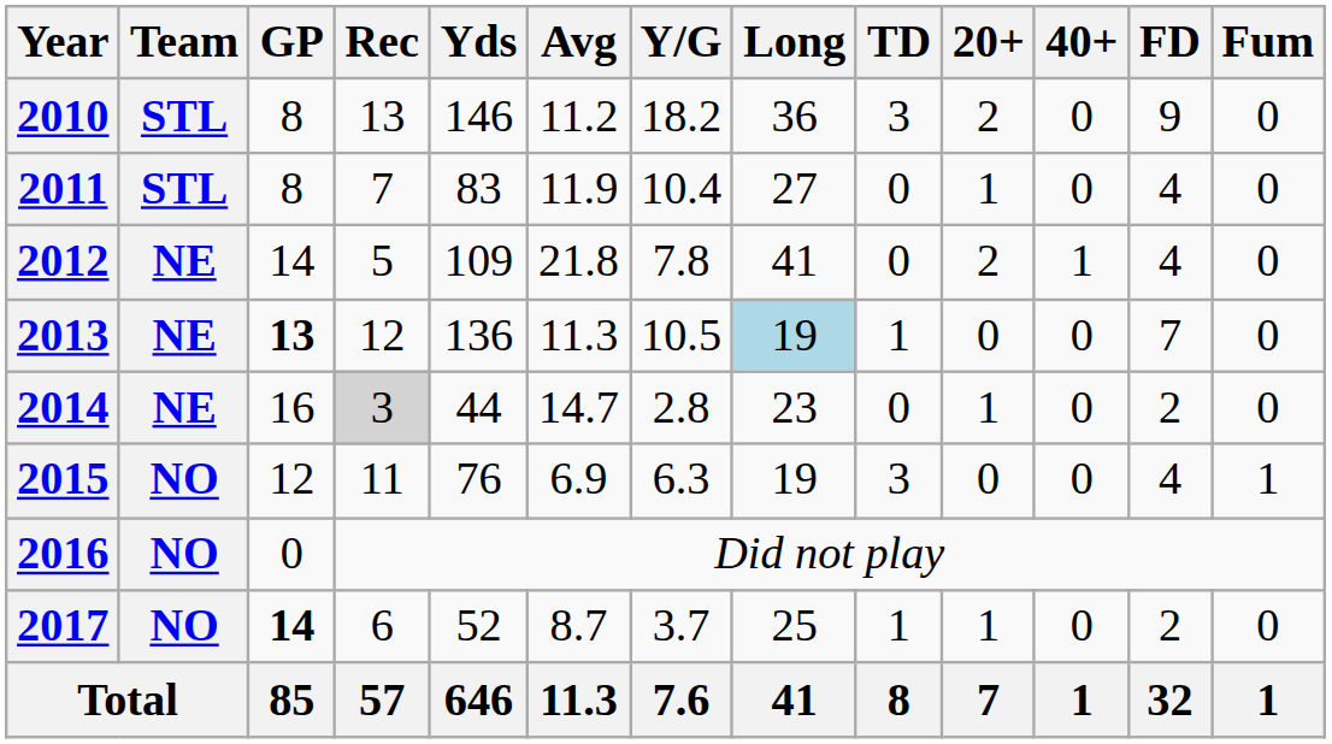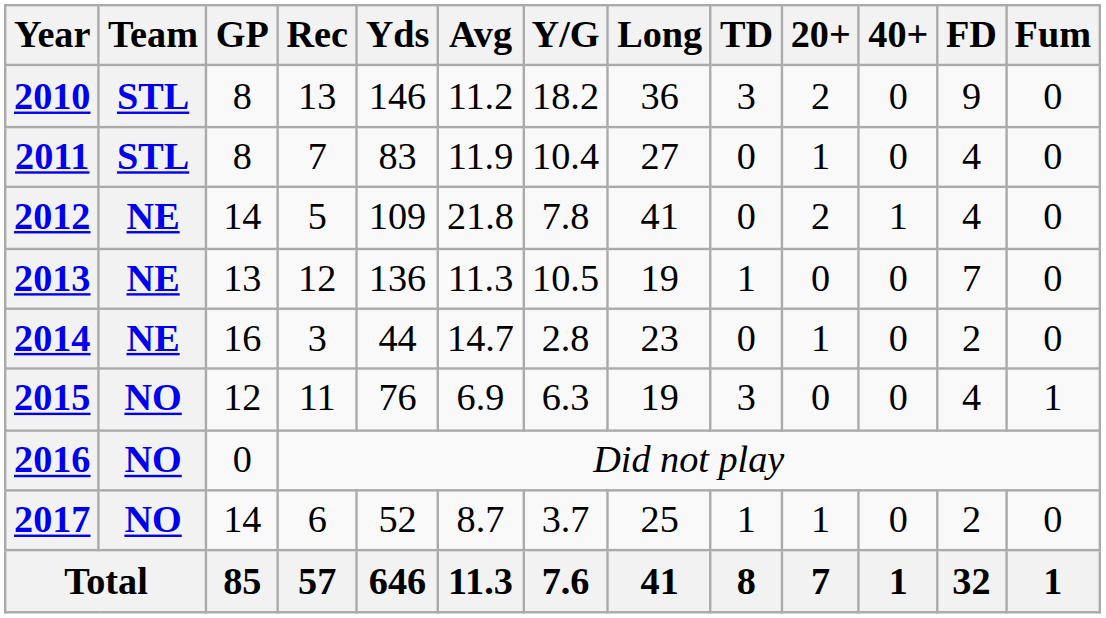 <table class="wikitable" style="text-align:center">
 <tr>
 <th>Year</th>
 <th>Team</th>
 <th>GP</th>
 <th>Rec</th>
 <th>Yds</th>
 <th>Avg</th>
 <th>Y/G</th>
 <th>Long</th>
 <th>TD</th>
 <th>20+</th>
 <th>40+</th>
 <th>FD</th>
 <th>Fum</th>
 </tr>
 <tr>
 <th><a href='#'>2010</a></th>
 <th><a href='#'>STL</a></th>
 <td>8</td>
 <td>13</td>
 <td>146</td>
 <td>11.2</td>
 <td>18.2</td>
 <td>36</td>
 <td>3</td>
 <td>2</td>
 <td>0</td>
 <td>9</td>
 <td>0</td>
 </tr>
 <tr>
 <th><a href='#'>2011</a></th>
 <th><a href='#'>STL</a></th>
 <td>8</td>
 <td>7</td>
 <td>83</td>
 <td>11.9</td>
 <td>10.4</td>
 <td>27</td>
 <td>0</td>
 <td>1</td>
 <td>0</td>
 <td>4</td>
 <td>0</td>
 </tr>
 <tr>
 <th><a href='#'>2012</a></th>
 <th><a href='#'>NE</a></th>
 <td>14</td>
 <td>5</td>
 <td>109</td>
 <td>21.8</td>
 <td>7.8</td>
 <td>41</td>
 <td>0</td>
 <td>2</td>
 <td>1</td>
 <td>4</td>
 <td>0</td>
 </tr>
 <tr>
 <th><a href='#'>2013</a></th>
 <th><a href='#'>NE</a></th>
-<td><strong>13</strong></td>
+<td>13</td>
 <td>12</td>
 <td>136</td>
 <td>11.3</td>
 <td>10.5</td>
-<td style="background: lightblue;">19</td>
+<td>19</td>
 <td>1</td>
 <td>0</td>
 <td>0</td>
 <td>7</td>
 <td>0</td>
 </tr>
 <tr>
 <th><a href='#'>2014</a></th>
 <th><a href='#'>NE</a></th>
 <td>16</td>
-<td style="background: lightgrey;">3</td>
+<td>3</td>
 <td>44</td>
 <td>14.7</td>
 <td>2.8</td>
 <td>23</td>
 <td>0</td>
 <td>1</td>
 <td>0</td>
 <td>2</td>
 <td>0</td>
 </tr>
 <tr>
 <th><a href='#'>2015</a></th>
 <th><a href='#'>NO</a></th>
 <td>12</td>
 <td>11</td>
 <td>76</td>
 <td>6.9</td>
 <td>6.3</td>
 <td>19</td>
 <td>3</td>
 <td>0</td>
 <td>0</td>
 <td>4</td>
 <td>1</td>
 </tr>
 <tr>
 <th><a href='#'>2016</a></th>
 <th><a href='#'>NO</a></th>
 <td>0</td>
 <td colspan="10"><em>Did not play</em></td>
 </tr>
 <tr>
 <th><a href='#'>2017</a></th>
 <th><a href='#'>NO</a></th>
-<td><strong>14</strong></td>
+<td>14</td>
 <td>6</td>
 <td>52</td>
 <td>8.7</td>
 <td>3.7</td>
 <td>25</td>
 <td>1</td>
 <td>1</td>
 <td>0</td>
 <td>2</td>
 <td>0</td>
 </tr>
 <tr>
 <th colspan="2">Total</th>
 <th>85</th>
 <th>57</th>
 <th>646</th>
 <th>11.3</th>
 <th>7.6</th>
 <th>41</th>
 <th>8</th>
 <th>7</th>
 <th>1</th>
 <th>32</th>
 <th>1</th>
 </tr>
 </table>
